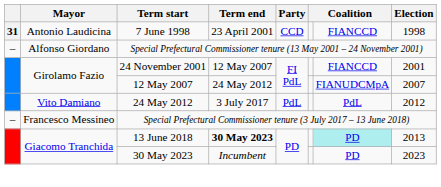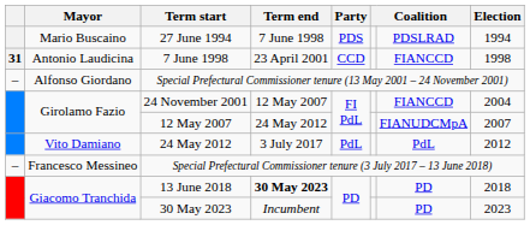 <table class="wikitable" style="text-align: center;">
 <tr>
 <th class=unsortable> </th>
 <th>Mayor</th>
 <th>Term start</th>
 <th>Term end</th>
 <th>Party</th>
 <th colspan="2">Coalition</th>
 <th>Election</th>
+</tr>
+<tr>
+<th style="background:"></th>
+<td>Mario Buscaino</td>
+<td>27 June 1994</td>
+<td>7 June 1998</td>
+<td><a href='#'>PDS</a></td>
+<td style="background: "></td>
+<td><a href='#'>PDS</a><a href='#'>LR</a><a href='#'>AD</a></td>
+<td>1994</td>
 </tr>
 <tr>
 <th style="background:">31</th>
 <td>Antonio Laudicina</td>
 <td>7 June 1998</td>
 <td>23 April 2001</td>
 <td><a href='#'>CCD</a></td>
 <td style="background: "></td>
 <td><a href='#'>FI</a><a href='#'>AN</a><a href='#'>CCD</a></td>
 <td>1998</td>
 </tr>
 <tr>
 <td>–</td>
 <td>Alfonso Giordano</td>
 <td colspan="6"><small><em>Special Prefectural Commissioner tenure (13 May 2001 – 24 November 2001)</em></small></td>
 </tr>
 <tr>
 <th rowspan=2 style="background:#007FFF;"></th>
 <td rowspan=2>Girolamo Fazio</td>
 <td>24 November 2001</td>
 <td>12 May 2007</td>
 <td rowspan=2><a href='#'>FI</a><br><a href='#'>PdL</a></td>
 <td style="background: "></td>
 <td><a href='#'>FI</a><a href='#'>AN</a><a href='#'>CCD</a></td>
-<td>2001</td>
+<td>2004</td>
 </tr>
 <tr>
 <td>12 May 2007</td>
 <td>24 May 2012</td>
 <td style="background: "></td>
 <td><a href='#'>FI</a><a href='#'>AN</a><a href='#'>UDC</a><a href='#'>MpA</a></td>
 <td>2007</td>
 </tr>
 <tr>
 <th style="background:#007FFF;"></th>
 <td><a href='#'>Vito Damiano</a></td>
 <td>24 May 2012</td>
 <td>3 July 2017</td>
 <td><a href='#'>PdL</a></td>
 <td style="background: "></td>
 <td><a href='#'>PdL</a></td>
 <td>2012</td>
 </tr>
 <tr>
 <td>–</td>
 <td>Francesco Messineo</td>
 <td colspan="6"><small><em>Special Prefectural Commissioner tenure (3 July 2017 – 13 June 2018)</em></small></td>
 </tr>
 <tr>
 <th rowspan=2 style="background:#FF0000;"></th>
 <td rowspan=2><a href='#'>Giacomo Tranchida</a></td>
 <td>13 June 2018</td>
 <td><strong>30 May 2023</strong></td>
 <td rowspan=2><a href='#'>PD</a></td>
 <td style="background: "></td>
-<td style="background: paleturquoise;"><a href='#'>PD</a></td>
-<td>2013</td>
+<td><a href='#'>PD</a></td>
+<td>2018</td>
 </tr>
 <tr>
 <td>30 May 2023</td>
 <td><em>Incumbent</em></td>
 <td style="background: "></td>
 <td><a href='#'>PD</a></td>
 <td>2023</td>
 </tr>
 </table>
